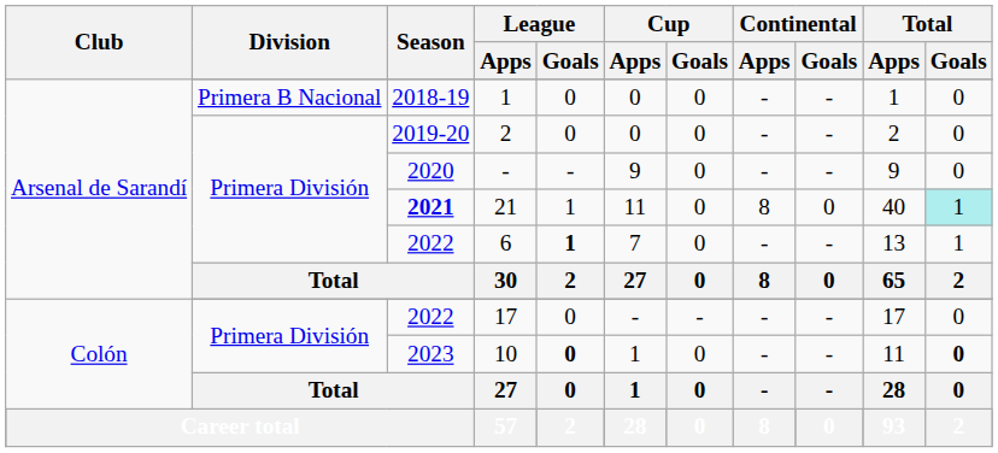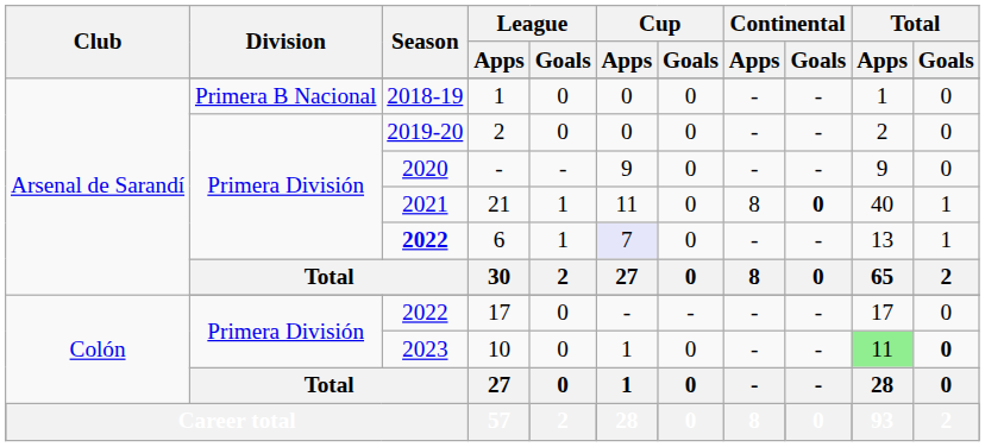 <table class="wikitable" style="text-align:center">
 <tr style="background:#DDDDDD">
 <th rowspan="2">Club</th>
 <th rowspan="2">Division</th>
 <th rowspan="2">Season</th>
 <th colspan="2">League</th>
 <th colspan="2">Cup</th>
 <th colspan="2">Continental</th>
 <th colspan="2">Total</th>
 </tr>
 <tr style="background:#DDDDDD">
 <th>Apps</th>
 <th>Goals</th>
 <th>Apps</th>
 <th>Goals</th>
 <th>Apps</th>
 <th>Goals</th>
 <th>Apps</th>
 <th>Goals</th>
 </tr>
 <tr style="text-align: center;">
 <td rowspan="7" align="center" valign="center"><a href='#'>Arsenal de Sarandí</a></td>
 </tr>
 <tr style="text-align: center;">
 <td rowspan="1"><a href='#'>Primera B Nacional</a></td>
 <td><a href='#'>2018-19</a></td>
 <td>1</td>
 <td>0</td>
 <td>0</td>
 <td>0</td>
 <td>-</td>
 <td>-</td>
 <td>1</td>
 <td>0</td>
 </tr>
 <tr style="text-align: center;">
 <td rowspan="4"><a href='#'>Primera División</a></td>
 <td><a href='#'>2019-20</a></td>
 <td>2</td>
 <td>0</td>
 <td>0</td>
 <td>0</td>
 <td>-</td>
 <td>-</td>
 <td>2</td>
 <td>0</td>
 </tr>
 <tr style="text-align: center;">
 <td><a href='#'>2020</a></td>
 <td>-</td>
 <td>-</td>
 <td>9</td>
 <td>0</td>
 <td>-</td>
 <td>-</td>
 <td>9</td>
 <td>0</td>
 </tr>
 <tr style="text-align: center;">
-<td><strong><a href='#'>2021</a></strong></td>
+<td><a href='#'>2021</a></td>
 <td>21</td>
 <td>1</td>
 <td>11</td>
 <td>0</td>
 <td>8</td>
-<td>0</td>
+<td><strong>0</strong></td>
 <td>40</td>
-<td style="background: paleturquoise;">1</td>
+<td>1</td>
 </tr>
 <tr style="text-align: center;">
-<td><a href='#'>2022</a></td>
+<td><strong><a href='#'>2022</a></strong></td>
 <td>6</td>
-<td><strong>1</strong></td>
-<td>7</td>
+<td>1</td>
+<td style="background: lavender;">7</td>
 <td>0</td>
 <td>-</td>
 <td>-</td>
 <td>13</td>
 <td>1</td>
 </tr>
 <tr align="center" style="background:#DDDDDD; color:#000000">
 <th colspan="2">Total</th>
 <th>30</th>
 <th>2</th>
 <th>27</th>
 <th>0</th>
 <th>8</th>
 <th>0</th>
 <th>65</th>
 <th>2</th>
 </tr>
 <tr style="text-align: center;">
 <td rowspan="4" align="center" valign="center"><a href='#'>Colón</a></td>
 </tr>
 <tr style="text-align: center;">
 <td rowspan="2"><a href='#'>Primera División</a></td>
 <td><a href='#'>2022</a></td>
 <td>17</td>
 <td>0</td>
 <td>-</td>
 <td>-</td>
 <td>-</td>
 <td>-</td>
 <td>17</td>
 <td>0</td>
 </tr>
 <tr style="text-align: center;">
 <td><a href='#'>2023</a></td>
 <td>10</td>
-<td><strong>0</strong></td>
+<td>0</td>
 <td>1</td>
 <td>0</td>
 <td>-</td>
 <td>-</td>
-<td>11</td>
+<td style="background: lightgreen;">11</td>
 <td><strong>0</strong></td>
 </tr>
 <tr align="center" style="background:#DDDDDD; color:#000000">
 <th colspan="2">Total</th>
 <th>27</th>
 <th>0</th>
 <th>1</th>
 <th>0</th>
 <th>-</th>
 <th>-</th>
 <th>28</th>
 <th>0</th>
 </tr>
 <tr style="color: white;" align="center" bgcolor="000000">
 <th colspan="3">Career total</th>
 <th>57</th>
 <th>2</th>
 <th>28</th>
 <th>0</th>
 <th>8</th>
 <th>0</th>
 <th>93</th>
 <th>2</th>
 </tr>
 </table>
